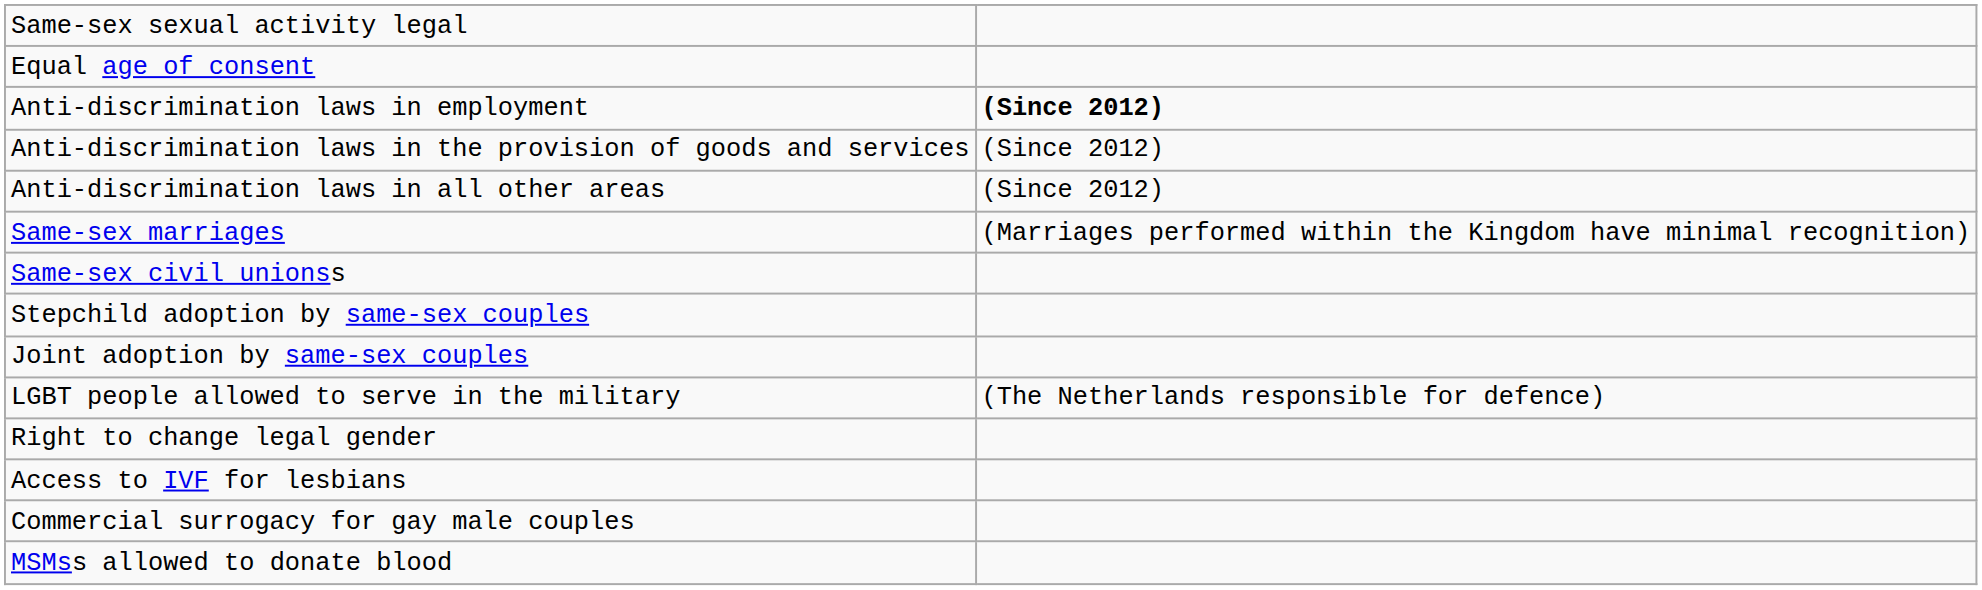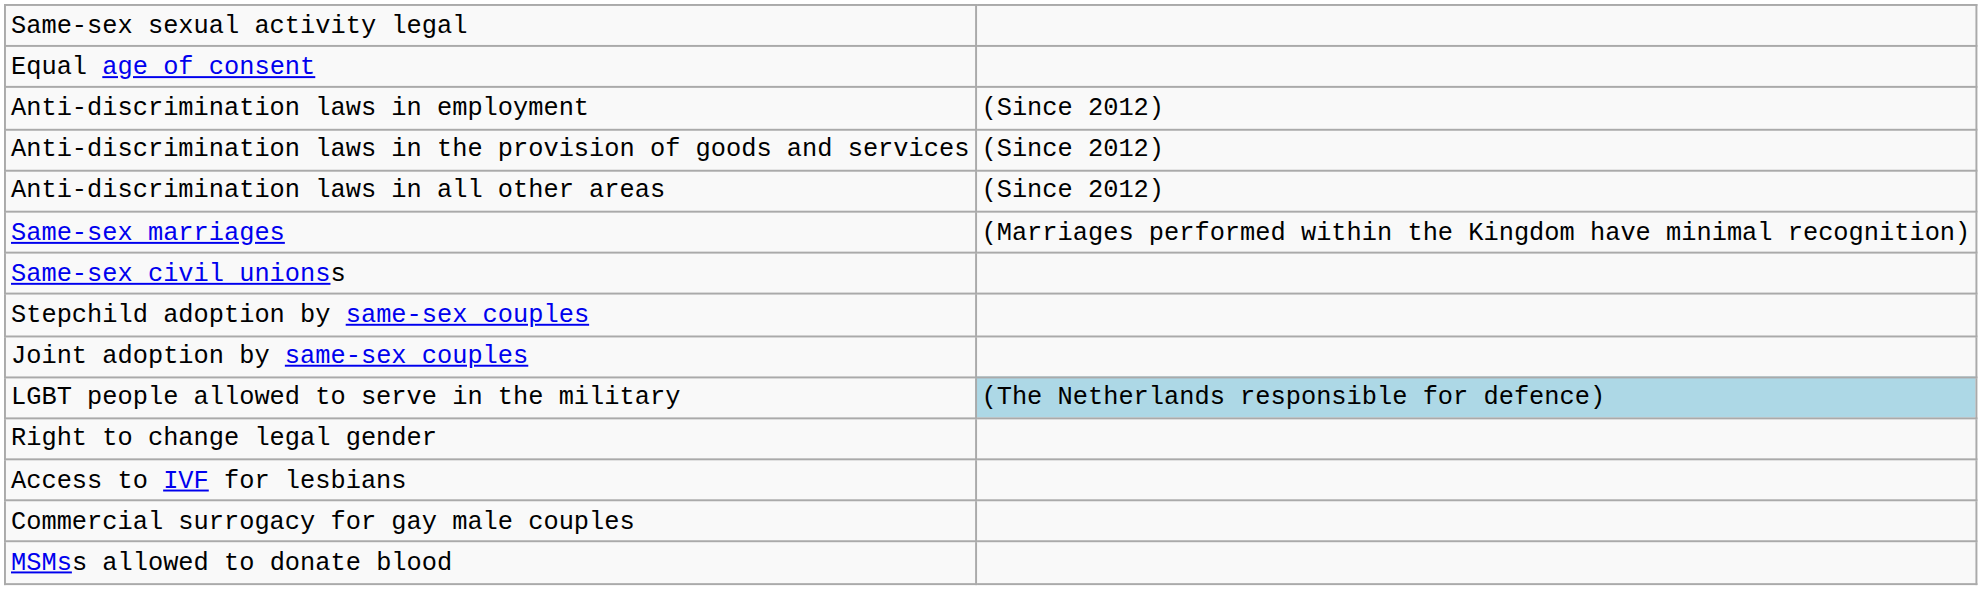 <table class="wikitable">
 <tr>
 <td>Same-sex sexual activity legal</td>
 <td></td>
 </tr>
 <tr>
 <td>Equal <a href='#'>age of consent</a></td>
 <td></td>
 </tr>
 <tr>
 <td>Anti-discrimination laws in employment</td>
-<td><strong> (Since 2012)</strong></td>
+<td> (Since 2012)</td>
 </tr>
 <tr>
 <td>Anti-discrimination laws in the provision of goods and services</td>
 <td> (Since 2012)</td>
 </tr>
 <tr>
 <td>Anti-discrimination laws in all other areas</td>
 <td> (Since 2012)</td>
 </tr>
 <tr>
 <td><a href='#'>Same-sex marriages</a></td>
 <td> (Marriages performed within the Kingdom have minimal recognition)</td>
 </tr>
 <tr>
 <td><a href='#'>Same-sex civil unions</a>s</td>
 <td></td>
 </tr>
 <tr>
 <td>Stepchild adoption by <a href='#'>same-sex couples</a></td>
 <td></td>
 </tr>
 <tr>
 <td>Joint adoption by <a href='#'>same-sex couples</a></td>
 <td></td>
 </tr>
 <tr>
 <td>LGBT people allowed to serve in the military</td>
-<td> (The Netherlands responsible for defence)</td>
+<td style="background: lightblue;"> (The Netherlands responsible for defence)</td>
 </tr>
 <tr>
 <td>Right to change legal gender</td>
 <td></td>
 </tr>
 <tr>
 <td>Access to <a href='#'>IVF</a> for lesbians</td>
 <td></td>
 </tr>
 <tr>
 <td>Commercial surrogacy for gay male couples</td>
 <td></td>
 </tr>
 <tr>
 <td><a href='#'>MSMs</a>s allowed to donate blood</td>
 <td></td>
 </tr>
 </table>
